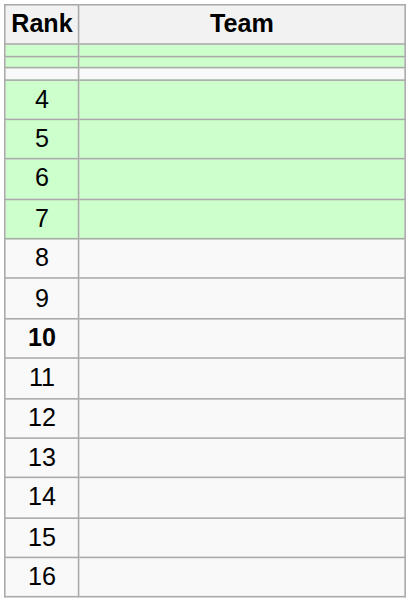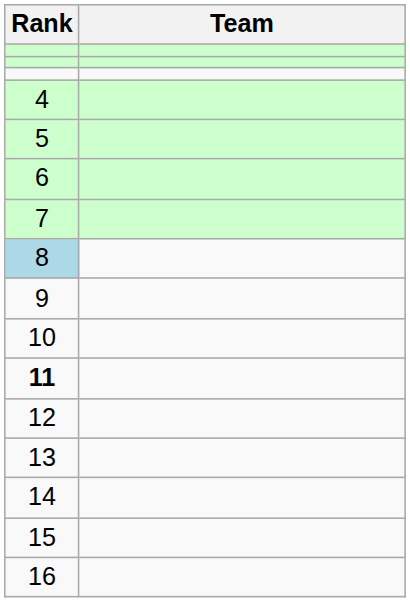 <table class="wikitable" style="text-align: center;">
 <tr>
 <th width=40>Rank</th>
 <th width=200>Team</th>
 </tr>
 <tr bgcolor=#ccffcc>
 <td></td>
 <td style="text-align:left;"></td>
 </tr>
 <tr bgcolor=#ccffcc>
 <td></td>
 <td style="text-align:left;"></td>
 </tr>
 <tr>
 <td></td>
 <td style="text-align:left;"></td>
 </tr>
 <tr bgcolor=#ccffcc>
 <td>4</td>
 <td style="text-align:left;"></td>
 </tr>
 <tr bgcolor=#ccffcc>
 <td>5</td>
 <td style="text-align:left;"></td>
 </tr>
 <tr bgcolor=#ccffcc>
 <td>6</td>
 <td style="text-align:left;"></td>
 </tr>
 <tr bgcolor=#ccffcc>
 <td>7</td>
 <td style="text-align:left;"></td>
 </tr>
 <tr>
-<td>8</td>
+<td style="background: lightblue;">8</td>
 <td style="text-align:left;"></td>
 </tr>
 <tr>
 <td>9</td>
 <td style="text-align:left;"></td>
 </tr>
 <tr>
-<td><strong>10</strong></td>
+<td>10</td>
 <td style="text-align:left;"></td>
 </tr>
 <tr>
-<td>11</td>
+<td><strong>11</strong></td>
 <td style="text-align:left;"></td>
 </tr>
 <tr>
 <td>12</td>
 <td style="text-align:left;"></td>
 </tr>
 <tr>
 <td>13</td>
 <td style="text-align:left;"></td>
 </tr>
 <tr>
 <td>14</td>
 <td style="text-align:left;"></td>
 </tr>
 <tr>
 <td>15</td>
 <td style="text-align:left;"></td>
 </tr>
 <tr>
 <td>16</td>
 <td style="text-align:left;"></td>
 </tr>
 </table>
